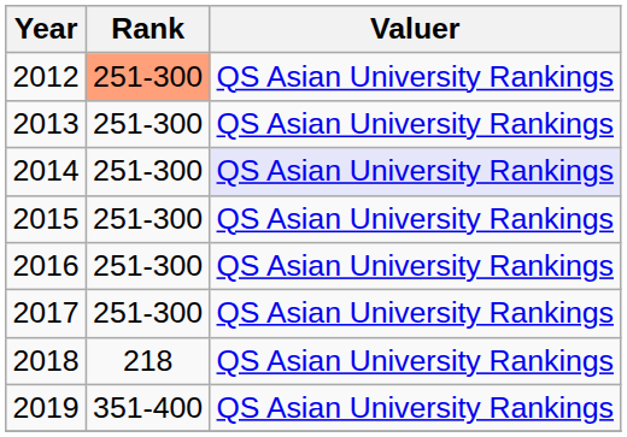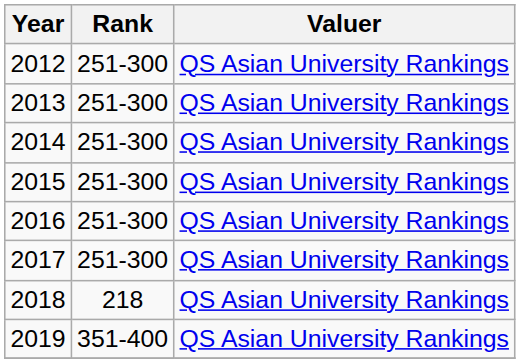 <table class="wikitable">
 <tr>
 <th>Year</th>
 <th>Rank</th>
 <th>Valuer</th>
 </tr>
 <tr>
 <td align="center">2012</td>
-<td align="center" style="background: lightsalmon;">251-300</td>
+<td align="center">251-300</td>
 <td align="center"><a href='#'>QS Asian University Rankings</a></td>
 </tr>
 <tr>
 <td align="center">2013</td>
 <td align="center">251-300</td>
 <td align="center"><a href='#'>QS Asian University Rankings</a></td>
 </tr>
 <tr>
 <td align="center">2014</td>
 <td align="center">251-300</td>
-<td align="center" style="background: lavender;"><a href='#'>QS Asian University Rankings</a></td>
+<td align="center"><a href='#'>QS Asian University Rankings</a></td>
 </tr>
 <tr>
 <td align="center">2015</td>
 <td align="center">251-300</td>
 <td align="center"><a href='#'>QS Asian University Rankings</a></td>
 </tr>
 <tr>
 <td align="center">2016</td>
 <td align="center">251-300</td>
 <td align="center"><a href='#'>QS Asian University Rankings</a></td>
 </tr>
 <tr>
 <td align="center">2017</td>
 <td align="center">251-300</td>
 <td align="center"><a href='#'>QS Asian University Rankings</a></td>
 </tr>
 <tr>
 <td align="center">2018</td>
 <td align="center">218</td>
 <td align="center"><a href='#'>QS Asian University Rankings</a></td>
 </tr>
 <tr>
 <td align="center">2019</td>
 <td align="center">351-400</td>
 <td align="center"><a href='#'>QS Asian University Rankings</a></td>
 </tr>
 <tr>
 </tr>
 </table>
